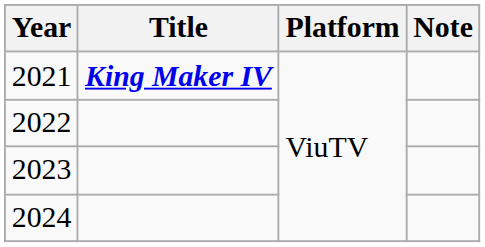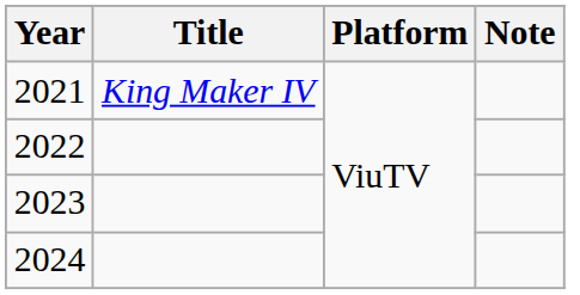 <table class="wikitable plainrowheaders">
 <tr>
 <th scope="col">Year</th>
 <th scope="col">Title</th>
 <th scope="col">Platform</th>
 <th scope="col">Note</th>
 </tr>
 <tr>
 <td>2021</td>
-<td><strong><em><a href='#'>King Maker IV</a></em></strong></td>
+<td><em><a href='#'>King Maker IV</a></em></td>
 <td rowspan=4>ViuTV</td>
 <td></td>
 </tr>
 <tr>
 <td>2022</td>
 <td></td>
 <td></td>
 </tr>
 <tr>
 <td>2023</td>
 <td></td>
 <td></td>
 </tr>
 <tr>
 <td>2024</td>
 <td></td>
 <td></td>
 </tr>
 </table>
